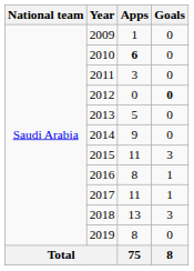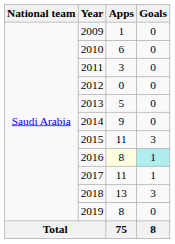 <table class="wikitable" style="text-align:center">
 <tr>
 <th>National team</th>
 <th>Year</th>
 <th>Apps</th>
 <th>Goals</th>
 </tr>
 <tr>
 <td rowspan="11"><a href='#'>Saudi Arabia</a></td>
 <td>2009</td>
 <td>1</td>
 <td>0</td>
 </tr>
 <tr>
 <td>2010</td>
-<td><strong>6</strong></td>
+<td>6</td>
 <td>0</td>
 </tr>
 <tr>
 <td>2011</td>
 <td>3</td>
 <td>0</td>
 </tr>
 <tr>
 <td>2012</td>
 <td>0</td>
-<td><strong>0</strong></td>
+<td>0</td>
 </tr>
 <tr>
 <td>2013</td>
 <td>5</td>
 <td>0</td>
 </tr>
 <tr>
 <td>2014</td>
 <td>9</td>
 <td>0</td>
 </tr>
 <tr>
 <td>2015</td>
 <td>11</td>
 <td>3</td>
 </tr>
 <tr>
 <td>2016</td>
-<td>8</td>
-<td>1</td>
+<td style="background: lightyellow;">8</td>
+<td style="background: paleturquoise;">1</td>
 </tr>
 <tr>
 <td>2017</td>
 <td>11</td>
 <td>1</td>
 </tr>
 <tr>
 <td>2018</td>
 <td>13</td>
 <td>3</td>
 </tr>
 <tr>
 <td>2019</td>
 <td>8</td>
 <td>0</td>
 </tr>
 <tr>
 <th colspan="2">Total</th>
 <th>75</th>
 <th>8</th>
 </tr>
 </table>
